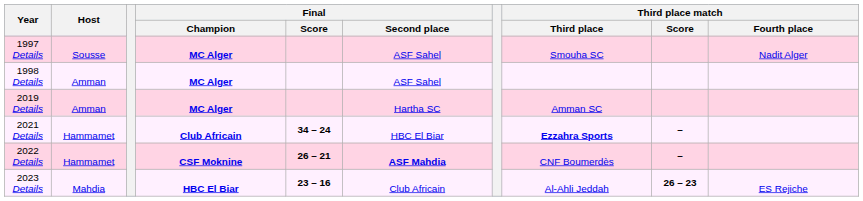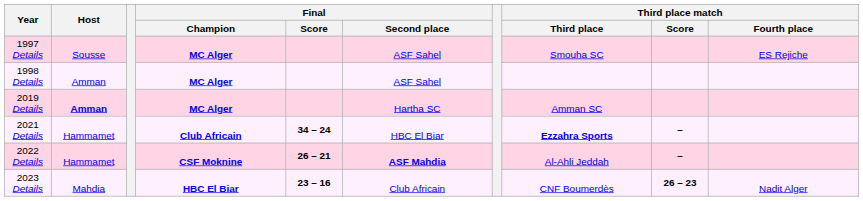 <table class="wikitable" style="font-size:90%; width: 98%; text-align: center;">
 <tr bgcolor=#C1D8FF>
 <th rowspan=2 width=5%>Year</th>
 <th rowspan=2 width=8%>Host</th>
 <th width=1% rowspan=8 bgcolor=ffffff></th>
 <th colspan=3>Final</th>
 <th width=1% rowspan=8 bgcolor=ffffff></th>
 <th colspan=3>Third place match</th>
 </tr>
 <tr bgcolor=#EFEFEF>
 <th width=16%>Champion</th>
 <th width=6%>Score</th>
 <th width=16%>Second place</th>
 <th width=16%>Third place</th>
 <th width=6%>Score</th>
 <th width=16%>Fourth place</th>
 </tr>
 <tr bgcolor=#FFD4E4>
 <td>1997<br><em><a href='#'>Details</a></em></td>
 <td><br><a href='#'>Sousse</a></td>
 <td><br><strong><a href='#'>MC Alger</a></strong></td>
 <td></td>
 <td><br><a href='#'>ASF Sahel</a></td>
 <td><br><a href='#'>Smouha SC</a></td>
 <td></td>
-<td><br><a href='#'>Nadit Alger</a></td>
+<td><br><a href='#'>ES Rejiche</a></td>
 </tr>
 <tr bgcolor=#fff0ff>
 <td>1998<br><em><a href='#'>Details</a></em></td>
 <td><br><a href='#'>Amman</a></td>
 <td><br><strong><a href='#'>MC Alger</a></strong></td>
 <td></td>
 <td><br><a href='#'>ASF Sahel</a></td>
 <td></td>
 <td></td>
 <td></td>
 </tr>
 <tr bgcolor=#FFD4E4>
 <td>2019<br><em><a href='#'>Details</a></em></td>
-<td><br><a href='#'>Amman</a></td>
+<td><strong><br><a href='#'>Amman</a></strong></td>
 <td><br><strong><a href='#'>MC Alger</a></strong></td>
 <td></td>
 <td><br><a href='#'>Hartha SC</a></td>
 <td><br><a href='#'>Amman SC</a></td>
 <td></td>
 <td></td>
 </tr>
 <tr bgcolor=#fff0ff>
 <td>2021<br><em><a href='#'>Details</a></em></td>
 <td><br><a href='#'>Hammamet</a></td>
 <td><br><strong><a href='#'>Club Africain</a></strong></td>
 <td><strong>34 – 24</strong></td>
 <td><br><a href='#'>HBC El Biar</a></td>
 <td><strong><br><a href='#'>Ezzahra Sports</a></strong></td>
 <td><strong> – </strong></td>
 <td></td>
 </tr>
 <tr bgcolor=#FFD4E4>
 <td>2022<br><em><a href='#'>Details</a></em></td>
 <td><br><a href='#'>Hammamet</a></td>
 <td><br><strong><a href='#'>CSF Moknine</a></strong></td>
 <td><strong>26 – 21</strong></td>
 <td><strong><br><a href='#'>ASF Mahdia</a></strong></td>
-<td><br><a href='#'>CNF Boumerdès</a></td>
+<td><br><a href='#'>Al-Ahli Jeddah</a></td>
 <td><strong> – </strong></td>
 <td></td>
 </tr>
 <tr bgcolor=#fff0ff>
 <td>2023<br><em><a href='#'>Details</a></em></td>
 <td><br><a href='#'>Mahdia</a></td>
 <td><br><strong><a href='#'>HBC El Biar</a></strong></td>
 <td><strong>23 – 16</strong></td>
 <td><br><a href='#'>Club Africain</a></td>
-<td><br><a href='#'>Al-Ahli Jeddah</a></td>
+<td><br><a href='#'>CNF Boumerdès</a></td>
 <td><strong>26 – 23</strong></td>
-<td><br><a href='#'>ES Rejiche</a></td>
+<td><br><a href='#'>Nadit Alger</a></td>
 </tr>
 </table>
